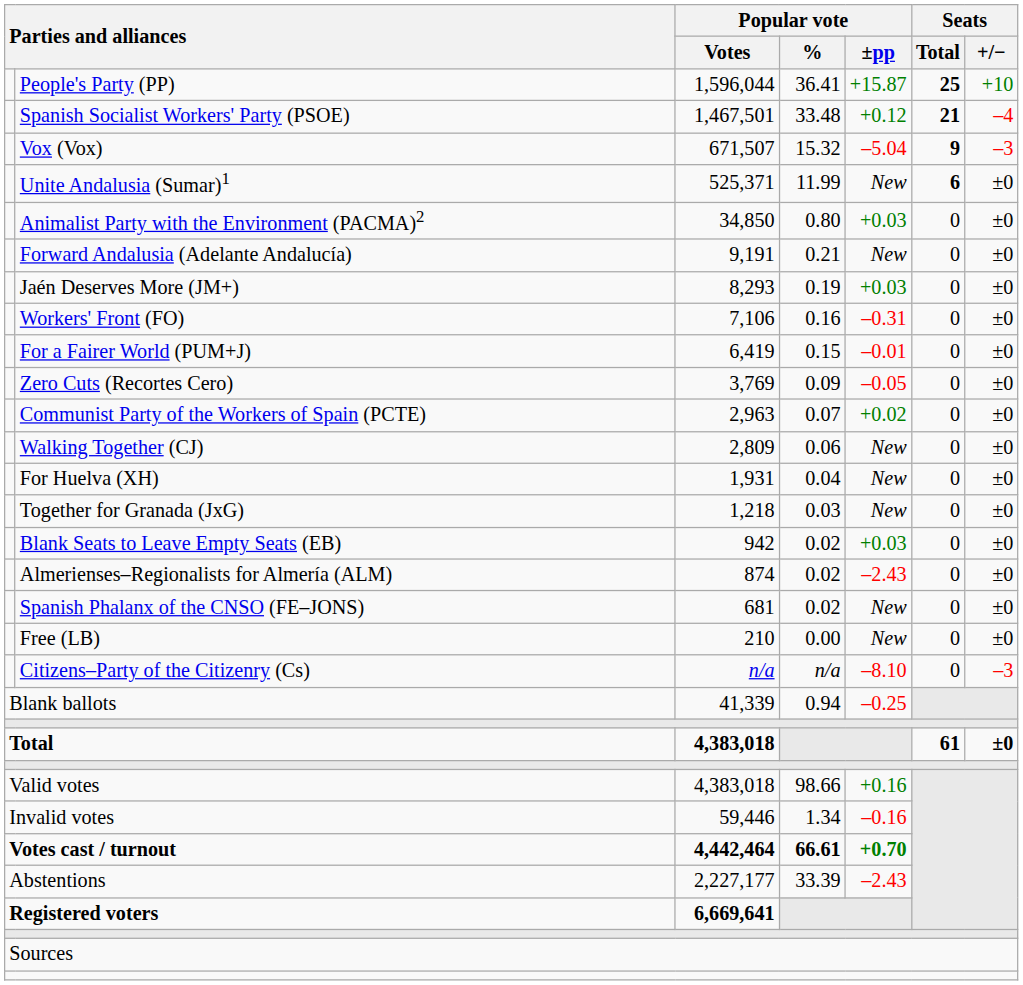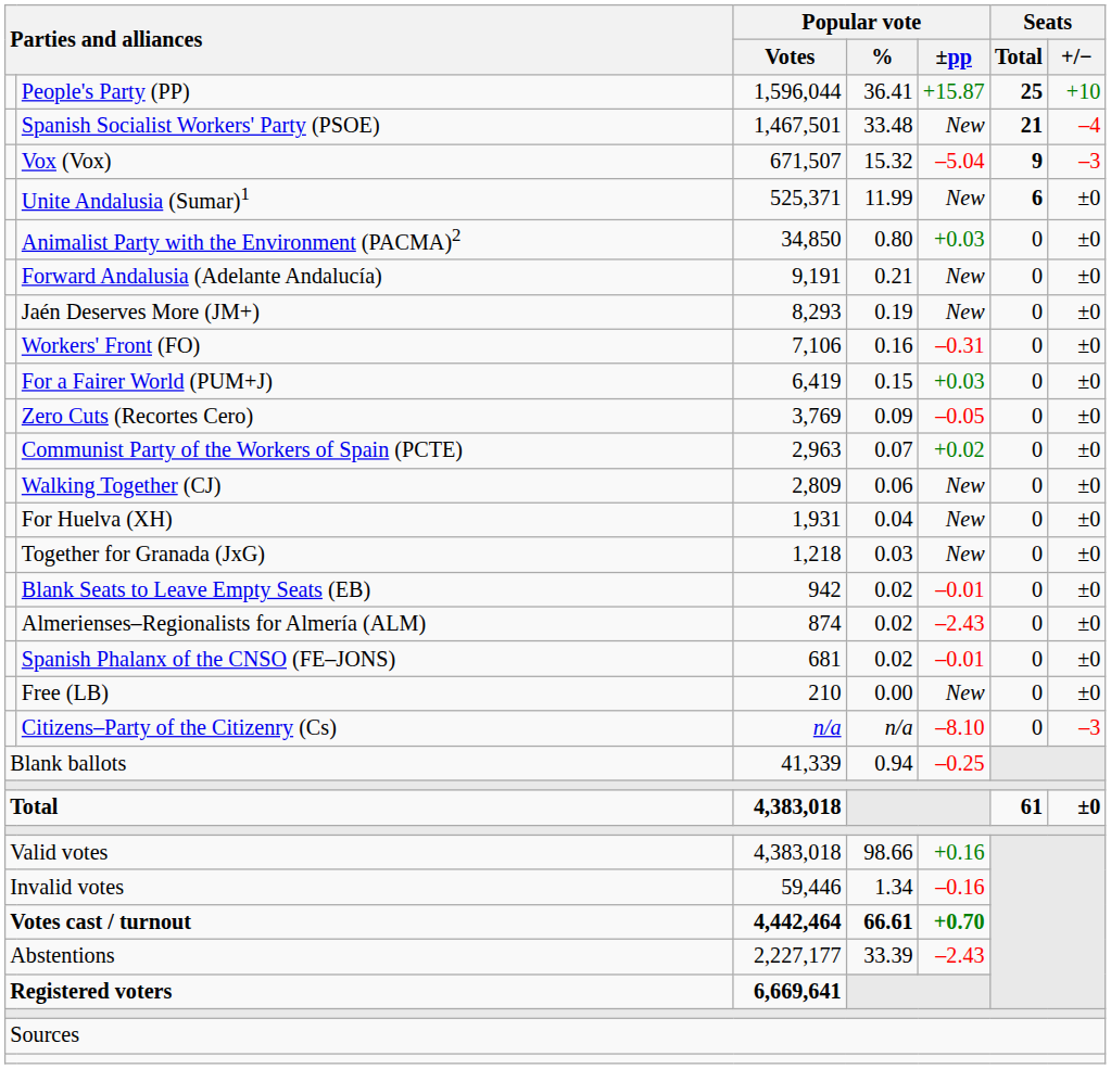 <table class="wikitable" style="text-align:right;">
 <tr>
 <th style="text-align:left;" rowspan="2" colspan="2" width="525">Parties and alliances</th>
 <th colspan="3">Popular vote</th>
 <th colspan="2">Seats</th>
 </tr>
 <tr>
 <th width="75">Votes</th>
 <th width="45">%</th>
 <th width="45">±<a href='#'>pp</a></th>
 <th width="35">Total</th>
 <th width="35">+/−</th>
 </tr>
 <tr>
 <td width="1" style="color:inherit;background:"></td>
 <td align="left"><a href='#'>People's Party</a> (PP)</td>
 <td>1,596,044</td>
 <td>36.41</td>
 <td style="color:green;">+15.87</td>
 <td><strong>25</strong></td>
 <td style="color:green;">+10</td>
 </tr>
 <tr>
 <td style="color:inherit;background:"></td>
 <td align="left"><a href='#'>Spanish Socialist Workers' Party</a> (PSOE)</td>
 <td>1,467,501</td>
 <td>33.48</td>
-<td style="color:green;">+0.12</td>
+<td><em>New</em></td>
 <td><strong>21</strong></td>
 <td style="color:red;">–4</td>
 </tr>
 <tr>
 <td style="color:inherit;background:"></td>
 <td align="left"><a href='#'>Vox</a> (Vox)</td>
 <td>671,507</td>
 <td>15.32</td>
 <td style="color:red;">–5.04</td>
 <td><strong>9</strong></td>
 <td style="color:red;">–3</td>
 </tr>
 <tr>
 <td style="color:inherit;background:"></td>
 <td align="left"><a href='#'>Unite Andalusia</a> (Sumar)<sup>1</sup></td>
 <td>525,371</td>
 <td>11.99</td>
 <td><em>New</em></td>
 <td><strong>6</strong></td>
 <td>±0</td>
 </tr>
 <tr>
 <td style="color:inherit;background:"></td>
 <td align="left"><a href='#'>Animalist Party with the Environment</a> (PACMA)<sup>2</sup></td>
 <td>34,850</td>
 <td>0.80</td>
 <td style="color:green;">+0.03</td>
 <td>0</td>
 <td>±0</td>
 </tr>
 <tr>
 <td style="color:inherit;background:"></td>
 <td align="left"><a href='#'>Forward Andalusia</a> (Adelante Andalucía)</td>
 <td>9,191</td>
 <td>0.21</td>
 <td><em>New</em></td>
 <td>0</td>
 <td>±0</td>
 </tr>
 <tr>
 <td style="color:inherit;background:"></td>
 <td align="left">Jaén Deserves More (JM+)</td>
 <td>8,293</td>
 <td>0.19</td>
-<td style="color:green;">+0.03</td>
+<td><em>New</em></td>
 <td>0</td>
 <td>±0</td>
 </tr>
 <tr>
 <td style="color:inherit;background:"></td>
 <td align="left"><a href='#'>Workers' Front</a> (FO)</td>
 <td>7,106</td>
 <td>0.16</td>
 <td style="color:red;">–0.31</td>
 <td>0</td>
 <td>±0</td>
 </tr>
 <tr>
 <td style="color:inherit;background:"></td>
 <td align="left"><a href='#'>For a Fairer World</a> (PUM+J)</td>
 <td>6,419</td>
 <td>0.15</td>
-<td style="color:red;">–0.01</td>
+<td style="color:green;">+0.03</td>
 <td>0</td>
 <td>±0</td>
 </tr>
 <tr>
 <td style="color:inherit;background:"></td>
 <td align="left"><a href='#'>Zero Cuts</a> (Recortes Cero)</td>
 <td>3,769</td>
 <td>0.09</td>
 <td style="color:red;">–0.05</td>
 <td>0</td>
 <td>±0</td>
 </tr>
 <tr>
 <td style="color:inherit;background:"></td>
 <td align="left"><a href='#'>Communist Party of the Workers of Spain</a> (PCTE)</td>
 <td>2,963</td>
 <td>0.07</td>
 <td style="color:green;">+0.02</td>
 <td>0</td>
 <td>±0</td>
 </tr>
 <tr>
 <td style="color:inherit;background:"></td>
 <td align="left"><a href='#'>Walking Together</a> (CJ)</td>
 <td>2,809</td>
 <td>0.06</td>
 <td><em>New</em></td>
 <td>0</td>
 <td>±0</td>
 </tr>
 <tr>
 <td style="color:inherit;background:"></td>
 <td align="left">For Huelva (XH)</td>
 <td>1,931</td>
 <td>0.04</td>
 <td><em>New</em></td>
 <td>0</td>
 <td>±0</td>
 </tr>
 <tr>
 <td style="color:inherit;background:"></td>
 <td align="left">Together for Granada (JxG)</td>
 <td>1,218</td>
 <td>0.03</td>
 <td><em>New</em></td>
 <td>0</td>
 <td>±0</td>
 </tr>
 <tr>
 <td style="color:inherit;background:"></td>
 <td align="left"><a href='#'>Blank Seats to Leave Empty Seats</a> (EB)</td>
 <td>942</td>
 <td>0.02</td>
-<td style="color:green;">+0.03</td>
+<td style="color:red;">–0.01</td>
 <td>0</td>
 <td>±0</td>
 </tr>
 <tr>
 <td style="color:inherit;background:"></td>
 <td align="left">Almerienses–Regionalists for Almería (ALM)</td>
 <td>874</td>
 <td>0.02</td>
 <td style="color:red;">–2.43</td>
 <td>0</td>
 <td>±0</td>
 </tr>
 <tr>
 <td style="color:inherit;background:"></td>
 <td align="left"><a href='#'>Spanish Phalanx of the CNSO</a> (FE–JONS)</td>
 <td>681</td>
 <td>0.02</td>
-<td><em>New</em></td>
+<td style="color:red;">–0.01</td>
 <td>0</td>
 <td>±0</td>
 </tr>
 <tr>
 <td style="color:inherit;background:"></td>
 <td align="left">Free (LB)</td>
 <td>210</td>
 <td>0.00</td>
 <td><em>New</em></td>
 <td>0</td>
 <td>±0</td>
 </tr>
 <tr>
 <td style="color:inherit;background:"></td>
 <td align="left"><a href='#'>Citizens–Party of the Citizenry</a> (Cs)</td>
 <td><em><a href='#'>n/a</a></em></td>
 <td><em>n/a</em></td>
 <td style="color:red;">–8.10</td>
 <td>0</td>
 <td style="color:red;">–3</td>
 </tr>
 <tr>
 <td align="left" colspan="2">Blank ballots</td>
 <td>41,339</td>
 <td>0.94</td>
 <td style="color:red;">–0.25</td>
 <td bgcolor="#E9E9E9" colspan="2"></td>
 </tr>
 <tr>
 <td colspan="7" bgcolor="#E9E9E9"></td>
 </tr>
 <tr style="font-weight:bold;">
 <td align="left" colspan="2">Total</td>
 <td>4,383,018</td>
 <td bgcolor="#E9E9E9" colspan="2"></td>
 <td>61</td>
 <td>±0</td>
 </tr>
 <tr>
 <td colspan="7" bgcolor="#E9E9E9"></td>
 </tr>
 <tr>
 <td align="left" colspan="2">Valid votes</td>
 <td>4,383,018</td>
 <td>98.66</td>
 <td style="color:green;">+0.16</td>
 <td bgcolor="#E9E9E9" colspan="2" rowspan="5"></td>
 </tr>
 <tr>
 <td align="left" colspan="2">Invalid votes</td>
 <td>59,446</td>
 <td>1.34</td>
 <td style="color:red;">–0.16</td>
 </tr>
 <tr style="font-weight:bold;">
 <td align="left" colspan="2">Votes cast / turnout</td>
 <td>4,442,464</td>
 <td>66.61</td>
 <td style="color:green;">+0.70</td>
 </tr>
 <tr>
 <td align="left" colspan="2">Abstentions</td>
 <td>2,227,177</td>
 <td>33.39</td>
 <td style="color:red;">–2.43</td>
 </tr>
 <tr style="font-weight:bold;">
 <td align="left" colspan="2">Registered voters</td>
 <td>6,669,641</td>
 <td bgcolor="#E9E9E9" colspan="2"></td>
 </tr>
 <tr>
 <td colspan="7" bgcolor="#E9E9E9"></td>
 </tr>
 <tr>
 <td align="left" colspan="7">Sources</td>
 </tr>
 <tr>
 <td colspan="7" style="text-align:left; max-width:790px;"></td>
 </tr>
 </table>
